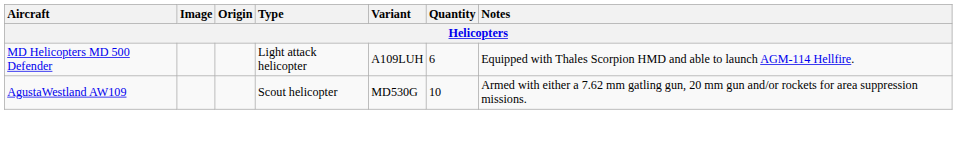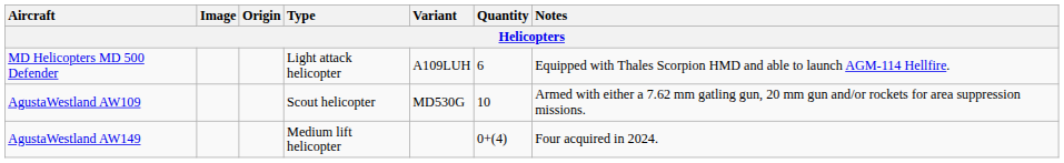 <table class="wikitable">
 <tr>
 <th style="text-align: left;">Aircraft</th>
 <th style="text-align: left;">Image</th>
 <th style="text-align: left;">Origin</th>
 <th style="text-align: left;">Type</th>
 <th style="text-align: left;">Variant</th>
 <th style="text-align: left;">Quantity</th>
 <th style="text-align: left;">Notes</th>
 </tr>
 <tr>
 <th style="align: center;" colspan="7"><a href='#'>Helicopters</a></th>
 </tr>
 <tr>
 <td><a href='#'>MD Helicopters MD 500 Defender</a></td>
 <td></td>
 <td></td>
 <td>Light attack helicopter</td>
 <td>A109LUH</td>
 <td>6</td>
 <td>Equipped with Thales Scorpion HMD and able to launch <a href='#'>AGM-114 Hellfire</a>.</td>
 </tr>
 <tr>
 <td><a href='#'>AgustaWestland AW109</a></td>
 <td></td>
 <td> <br> </td>
 <td>Scout helicopter</td>
 <td>MD530G</td>
 <td>10</td>
 <td>Armed with either a 7.62 mm gatling gun, 20 mm gun and/or rockets for area suppression missions.</td>
 </tr>
+<tr>
+<td><a href='#'>AgustaWestland AW149</a></td>
+<td></td>
+<td></td>
+<td>Medium lift helicopter</td>
+<td></td>
+<td>0+(4)</td>
+<td>Four acquired in 2024.</td>
+</tr>
 </table>
